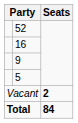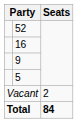 <table class="wikitable">
 <tr>
 <th colspan=2>Party</th>
 <th>Seats</th>
 </tr>
 <tr>
 <td></td>
 <td>52</td>
 </tr>
 <tr>
 <td></td>
 <td>16</td>
 </tr>
 <tr>
 <td></td>
 <td>9</td>
 </tr>
 <tr>
 <td></td>
 <td>5</td>
 </tr>
 <tr>
 <td colspan="2"><em>Vacant</em></td>
-<td><strong>2</strong></td>
+<td>2</td>
 </tr>
 <tr>
 <td colspan="2"><strong>Total</strong></td>
 <td><strong>84</strong></td>
 </tr>
 </table>
